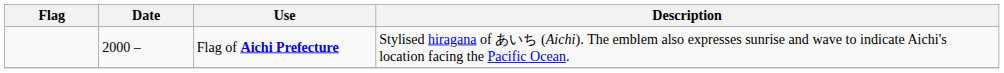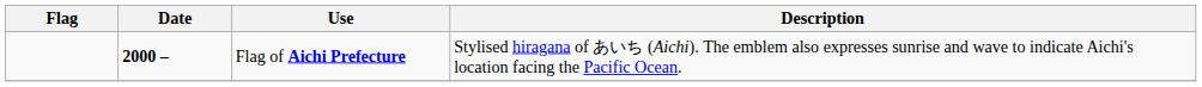 <table class="wikitable" style="background:#FFFFF;">
 <tr>
 <th style="width:100px;">Flag</th>
 <th style="width:100px;">Date</th>
 <th style="width:200px;">Use</th>
 <th style="width:700px;">Description</th>
 </tr>
 <tr>
 <td></td>
-<td>2000 –</td>
+<td><strong>2000 –</strong></td>
 <td Flag of Aichi Prefecture>Flag of <strong><a href='#'>Aichi Prefecture</a></strong></td>
 <td>Stylised <a href='#'>hiragana</a> of あいち (<em>Aichi</em>). The emblem also expresses sunrise and wave to indicate Aichi's location facing the <a href='#'>Pacific Ocean</a>.</td>
 </tr>
 <tr>
 </tr>
 </table>
